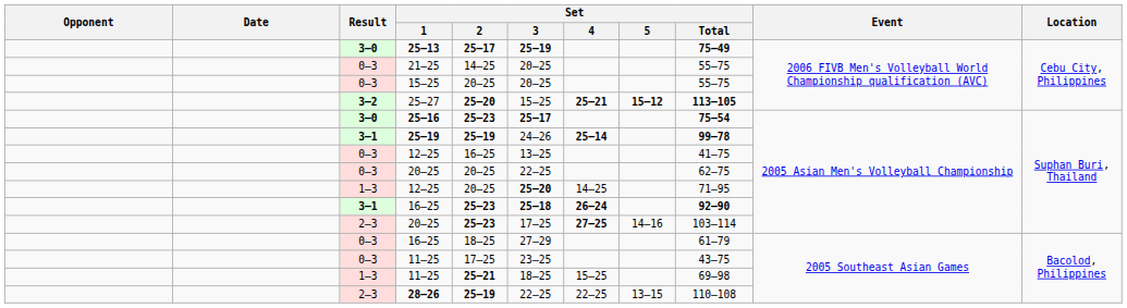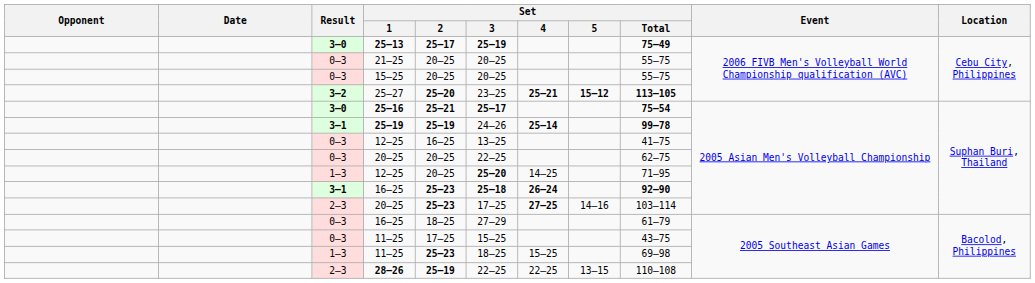 <table class="wikitable" style="font-size: 90%">
 <tr>
 <th rowspan=2 width=15%>Opponent</th>
 <th rowspan=2 width=15%>Date</th>
 <th rowspan=2 width=5%>Result</th>
 <th colspan=6>Set</th>
 <th rowspan=2 width=24%>Event</th>
 <th rowspan=2 width=16%>Location</th>
 </tr>
 <tr>
 <th width=5%>1</th>
 <th width=5%>2</th>
 <th width=5%>3</th>
 <th width=5%>4</th>
 <th width=5%>5</th>
 <th width=7%>Total</th>
 </tr>
 <tr style="text-align:center;">
 <td style="text-align:left;"></td>
 <td></td>
 <td style="background:#ddffdd;"><strong>3–0</strong></td>
 <td><strong>25–13</strong></td>
 <td><strong>25–17</strong></td>
 <td><strong>25–19</strong></td>
 <td></td>
 <td></td>
 <td><strong>75–49</strong></td>
 <td rowspan=4><a href='#'>2006 FIVB Men's Volleyball World Championship qualification (AVC)</a></td>
 <td rowspan=4><a href='#'>Cebu City</a>, <a href='#'>Philippines</a></td>
 </tr>
 <tr style="text-align:center;">
 <td style="text-align:left;"></td>
 <td></td>
 <td style="background:#ffdddd;">0–3</td>
 <td>21–25</td>
-<td>14–25</td>
+<td>20–25</td>
 <td>20–25</td>
 <td></td>
 <td></td>
 <td>55–75</td>
 </tr>
 <tr style="text-align:center;">
 <td style="text-align:left;"></td>
 <td></td>
 <td style="background:#ffdddd;">0–3</td>
 <td>15–25</td>
 <td>20–25</td>
 <td>20–25</td>
 <td></td>
 <td></td>
 <td>55–75</td>
 </tr>
 <tr style="text-align:center;">
 <td style="text-align:left;"></td>
 <td></td>
 <td style="background:#ddffdd;"><strong>3–2</strong></td>
 <td>25–27</td>
 <td><strong>25–20</strong></td>
-<td>15–25</td>
+<td>23–25</td>
 <td><strong>25–21</strong></td>
 <td><strong>15–12</strong></td>
 <td><strong>113–105</strong></td>
 </tr>
 <tr style="text-align:center;">
 <td style="text-align:left;"></td>
 <td></td>
 <td style="background:#ddffdd;"><strong>3–0</strong></td>
 <td><strong>25–16</strong></td>
-<td><strong>25–23</strong></td>
+<td><strong>25–21</strong></td>
 <td><strong>25–17</strong></td>
 <td></td>
 <td></td>
 <td><strong>75–54</strong></td>
 <td rowspan=7><a href='#'>2005 Asian Men's Volleyball Championship</a></td>
 <td rowspan=7><a href='#'>Suphan Buri</a>, <a href='#'>Thailand</a></td>
 </tr>
 <tr style="text-align:center;">
 <td style="text-align:left;"></td>
 <td></td>
 <td style="background:#ddffdd;"><strong>3–1</strong></td>
 <td><strong>25–19</strong></td>
 <td><strong>25–19</strong></td>
 <td>24–26</td>
 <td><strong>25–14</strong></td>
 <td></td>
 <td><strong>99–78</strong></td>
 </tr>
 <tr style="text-align:center;">
 <td style="text-align:left;"></td>
 <td></td>
 <td style="background:#ffdddd;">0–3</td>
 <td>12–25</td>
 <td>16–25</td>
 <td>13–25</td>
 <td></td>
 <td></td>
 <td>41–75</td>
 </tr>
 <tr style="text-align:center;">
 <td style="text-align:left;"></td>
 <td></td>
 <td style="background:#ffdddd;">0–3</td>
 <td>20–25</td>
 <td>20–25</td>
 <td>22–25</td>
 <td></td>
 <td></td>
 <td>62–75</td>
 </tr>
 <tr style="text-align:center;">
 <td style="text-align:left;"></td>
 <td></td>
 <td style="background:#ffdddd;">1–3</td>
 <td>12–25</td>
 <td>20–25</td>
 <td><strong>25–20</strong></td>
 <td>14–25</td>
 <td></td>
 <td>71–95</td>
 </tr>
 <tr style="text-align:center;">
 <td style="text-align:left;"></td>
 <td></td>
 <td style="background:#ddffdd;"><strong>3–1</strong></td>
 <td>16–25</td>
 <td><strong>25–23</strong></td>
 <td><strong>25–18</strong></td>
 <td><strong>26–24</strong></td>
 <td></td>
 <td><strong>92–90</strong></td>
 </tr>
 <tr style="text-align:center;">
 <td style="text-align:left;"></td>
 <td></td>
 <td style="background:#ffdddd;">2–3</td>
 <td>20–25</td>
 <td><strong>25–23</strong></td>
 <td>17–25</td>
 <td><strong>27–25</strong></td>
 <td>14–16</td>
 <td>103–114</td>
 </tr>
 <tr style="text-align:center;">
 <td style="text-align:left;"></td>
 <td></td>
 <td style="background:#ffdddd;">0–3</td>
 <td>16–25</td>
 <td>18–25</td>
 <td>27–29</td>
 <td></td>
 <td></td>
 <td>61–79</td>
 <td rowspan=4><a href='#'>2005 Southeast Asian Games</a></td>
 <td rowspan=4><a href='#'>Bacolod</a>, <a href='#'>Philippines</a></td>
 </tr>
 <tr style="text-align:center;">
 <td style="text-align:left;"></td>
 <td></td>
 <td style="background:#ffdddd;">0–3</td>
 <td>11–25</td>
 <td>17–25</td>
-<td>23–25</td>
+<td>15–25</td>
 <td></td>
 <td></td>
 <td>43–75</td>
 </tr>
 <tr style="text-align:center;">
 <td style="text-align:left;"></td>
 <td></td>
 <td style="background:#ffdddd;">1–3</td>
 <td>11–25</td>
-<td><strong>25–21</strong></td>
+<td><strong>25–23</strong></td>
 <td>18–25</td>
 <td>15–25</td>
 <td></td>
 <td>69–98</td>
 </tr>
 <tr style="text-align:center;">
 <td style="text-align:left;"></td>
 <td></td>
 <td style="background:#ffdddd;">2–3</td>
 <td><strong>28–26</strong></td>
 <td><strong>25–19</strong></td>
 <td>22–25</td>
 <td>22–25</td>
 <td>13–15</td>
 <td>110–108</td>
 </tr>
 </table>
